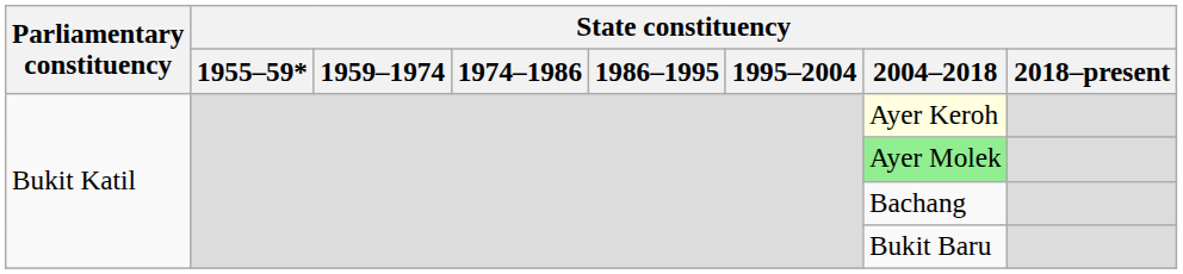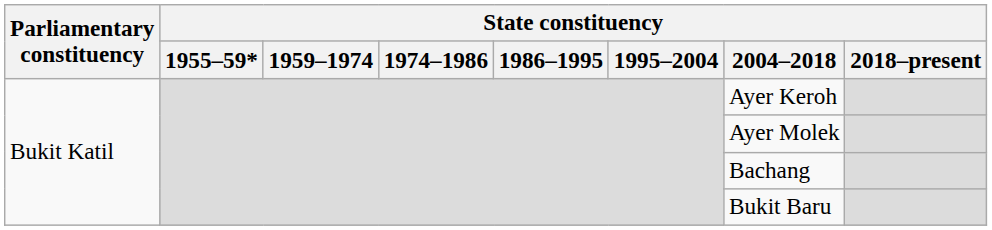 <table class="wikitable">
 <tr>
 <th rowspan="2">Parliamentary<br>constituency</th>
 <th colspan="7">State constituency</th>
 </tr>
 <tr>
 <th>1955–59*</th>
 <th>1959–1974</th>
 <th>1974–1986</th>
 <th>1986–1995</th>
 <th>1995–2004</th>
 <th>2004–2018</th>
 <th>2018–present</th>
 </tr>
 <tr>
 <td rowspan="4">Bukit Katil</td>
 <td colspan="5" rowspan="4" bgcolor="dcdcdc"></td>
-<td style="background: lightyellow;">Ayer Keroh</td>
+<td>Ayer Keroh</td>
 <td bgcolor="dcdcdc"></td>
 </tr>
 <tr>
-<td style="background: lightgreen;">Ayer Molek</td>
+<td>Ayer Molek</td>
 <td bgcolor="dcdcdc"></td>
 </tr>
 <tr>
 <td>Bachang</td>
 <td bgcolor="dcdcdc"></td>
 </tr>
 <tr>
 <td>Bukit Baru</td>
 <td bgcolor="dcdcdc"></td>
 </tr>
 </table>
